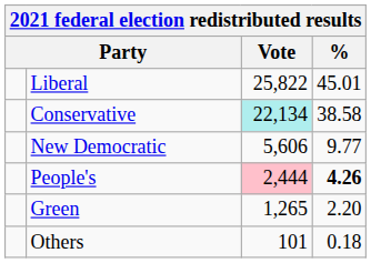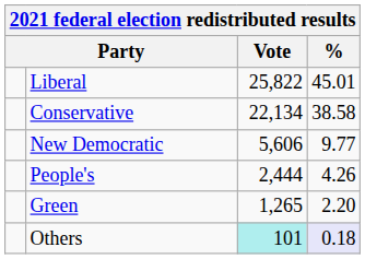 <table class="wikitable">
 <tr>
 <th colspan="4"><a href='#'>2021 federal election</a> redistributed results</th>
 </tr>
 <tr>
 <th bgcolor="#DDDDFF" width="130px" colspan="2">Party</th>
 <th bgcolor="#DDDDFF" width="50px">Vote</th>
 <th bgcolor="#DDDDFF" width="30px">%</th>
 </tr>
 <tr>
 <td> </td>
 <td><a href='#'>Liberal</a></td>
 <td align=right>25,822</td>
 <td align=right>45.01</td>
 </tr>
 <tr>
 <td> </td>
 <td><a href='#'>Conservative</a></td>
-<td align=right style="background: paleturquoise;">22,134</td>
+<td align=right>22,134</td>
 <td align=right>38.58</td>
 </tr>
 <tr>
 <td> </td>
 <td><a href='#'>New Democratic</a></td>
 <td align=right>5,606</td>
 <td align=right>9.77</td>
 </tr>
 <tr>
 <td> </td>
 <td><a href='#'>People's</a></td>
-<td align=right style="background: pink;">2,444</td>
-<td align=right><strong>4.26</strong></td>
+<td align=right>2,444</td>
+<td align=right>4.26</td>
 </tr>
 <tr>
 <td> </td>
 <td><a href='#'>Green</a></td>
 <td align=right>1,265</td>
 <td align=right>2.20</td>
 </tr>
 <tr>
 <td> </td>
 <td>Others</td>
-<td align=right>101</td>
-<td align=right>0.18</td>
+<td align=right style="background: paleturquoise;">101</td>
+<td align=right style="background: lavender;">0.18</td>
 </tr>
 </table>
